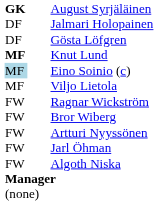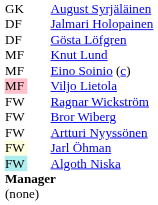 <table style="font-size:90%; margin:0.2em auto;" cellspacing="0" cellpadding="0">
 <tr>
 <th width="25"></th>
 <th width="25"></th>
 </tr>
 <tr>
-<td><strong>GK</strong></td>
+<td>GK</td>
 <td></td>
 <td><a href='#'>August Syrjäläinen</a></td>
 </tr>
 <tr>
 <td>DF</td>
 <td></td>
 <td><a href='#'>Jalmari Holopainen</a></td>
 </tr>
 <tr>
 <td>DF</td>
 <td></td>
 <td><a href='#'>Gösta Löfgren</a></td>
 </tr>
 <tr>
-<td><strong>MF</strong></td>
+<td>MF</td>
 <td></td>
 <td><a href='#'>Knut Lund</a></td>
 </tr>
 <tr>
-<td style="background: lightblue;">MF</td>
+<td>MF</td>
 <td></td>
 <td><a href='#'>Eino Soinio</a> (<a href='#'>c</a>)</td>
 </tr>
 <tr>
-<td>MF</td>
+<td style="background: pink;">MF</td>
 <td></td>
 <td><a href='#'>Viljo Lietola</a></td>
 </tr>
 <tr>
 <td>FW</td>
 <td></td>
 <td><a href='#'>Ragnar Wickström</a></td>
 </tr>
 <tr>
 <td>FW</td>
 <td></td>
 <td><a href='#'>Bror Wiberg</a></td>
 </tr>
 <tr>
 <td>FW</td>
 <td></td>
 <td><a href='#'>Artturi Nyyssönen</a></td>
 </tr>
 <tr>
-<td>FW</td>
+<td style="background: lightyellow;">FW</td>
 <td></td>
 <td><a href='#'>Jarl Öhman</a></td>
 </tr>
 <tr>
-<td>FW</td>
+<td style="background: paleturquoise;">FW</td>
 <td></td>
 <td><a href='#'>Algoth Niska</a></td>
 </tr>
 <tr>
 <td colspan=3><strong>Manager</strong></td>
 </tr>
 <tr>
 <td colspan=4>(none)</td>
 </tr>
 </table>
